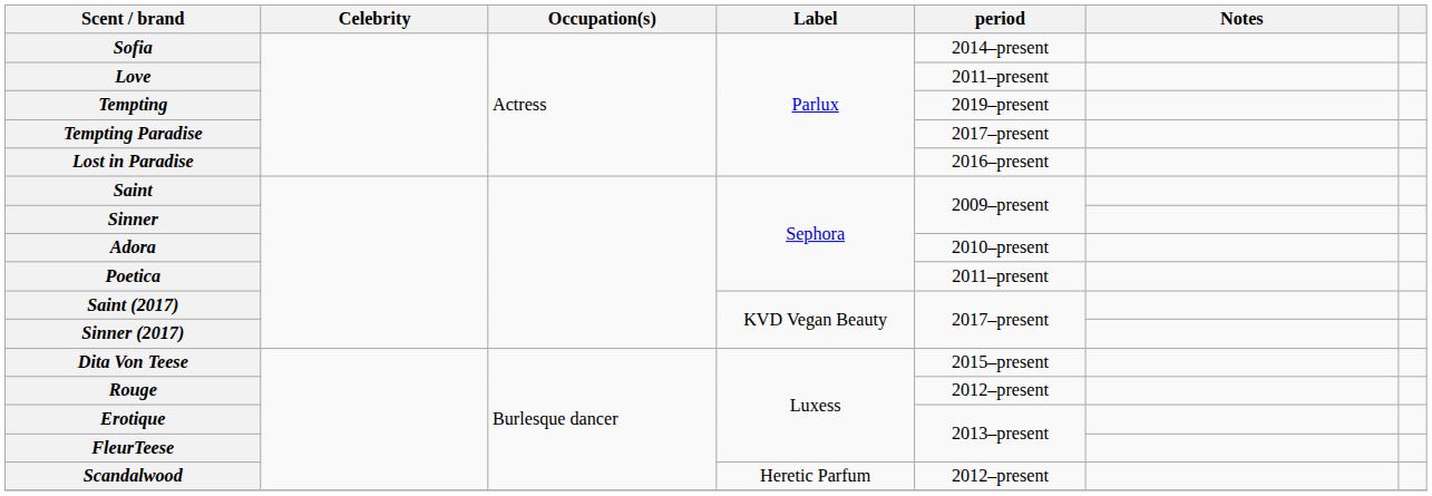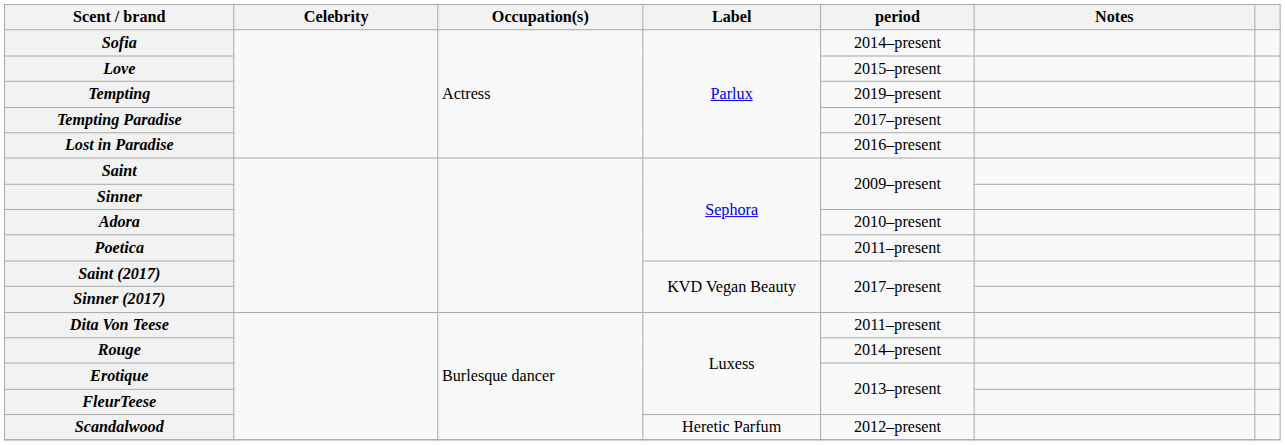 <table class="wikitable sortable plainrowheaders" font-size:95%; style="text-align:center;" width="100%;">
 <tr>
 <th scope="col" width="18%">Scent / brand</th>
 <th scope="col" width:"16%">Celebrity</th>
 <th scope="col" width="16%">Occupation(s)</th>
 <th scope="col" width="14%">Label</th>
 <th scope="col" width="12%"> period</th>
 <th scope="col" width="22%;" class="unsortable">Notes</th>
 <th scope="col" width="2%;" class="unsortable"></th>
 </tr>
 <tr>
 <th scope="row"><em>Sofia</em></th>
 <td rowspan="5"></td>
 <td rowspan="5" style="text-align:left;">Actress</td>
 <td rowspan="5"><a href='#'>Parlux</a></td>
 <td>2014–present</td>
 <td></td>
 <td></td>
 </tr>
 <tr>
 <th scope="row"><em>Love</em></th>
-<td>2011–present</td>
+<td>2015–present</td>
 <td></td>
 <td></td>
 </tr>
 <tr>
 <th scope="row"><em>Tempting</em></th>
 <td>2019–present</td>
 <td></td>
 <td></td>
 </tr>
 <tr>
 <th scope="row"><em>Tempting Paradise</em></th>
 <td>2017–present</td>
 <td></td>
 <td></td>
 </tr>
 <tr>
 <th scope="row"><em>Lost in Paradise</em></th>
 <td>2016–present</td>
 <td></td>
 <td></td>
 </tr>
 <tr>
 <th scope="row"><em>Saint</em></th>
 <td rowspan="6"></td>
 <td rowspan="6"></td>
 <td rowspan="4"><a href='#'>Sephora</a></td>
 <td rowspan="2">2009–present</td>
 <td></td>
 <td></td>
 </tr>
 <tr>
 <th scope="row"><em>Sinner</em></th>
 <td></td>
 <td></td>
 </tr>
 <tr>
 <th scope="row"><em>Adora</em></th>
 <td>2010–present</td>
 <td></td>
 <td></td>
 </tr>
 <tr>
 <th scope="row"><em>Poetica</em></th>
 <td>2011–present</td>
 <td></td>
 <td></td>
 </tr>
 <tr>
 <th scope="row"><em>Saint (2017)</em></th>
 <td rowspan="2">KVD Vegan Beauty</td>
 <td rowspan="2">2017–present</td>
 <td></td>
 <td></td>
 </tr>
 <tr>
 <th scope="row"><em>Sinner (2017)</em></th>
 <td></td>
 <td></td>
 </tr>
 <tr>
 <th scope="row"><em>Dita Von Teese</em></th>
 <td rowspan="5"></td>
 <td rowspan="5" style="text-align:left;">Burlesque dancer</td>
 <td rowspan="4">Luxess</td>
-<td>2015–present</td>
+<td>2011–present</td>
 <td></td>
 <td></td>
 </tr>
 <tr>
 <th scope="row"><em>Rouge</em></th>
-<td>2012–present</td>
+<td>2014–present</td>
 <td></td>
 <td></td>
 </tr>
 <tr>
 <th scope="row"><em>Erotique</em></th>
 <td rowspan="2">2013–present</td>
 <td></td>
 <td></td>
 </tr>
 <tr>
 <th scope="row"><em>FleurTeese</em></th>
 <td></td>
 <td></td>
 </tr>
 <tr>
 <th scope="row"><em>Scandalwood</em></th>
 <td>Heretic Parfum</td>
 <td>2012–present</td>
 <td></td>
 <td></td>
 </tr>
 <tr>
 </tr>
 </table>
